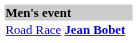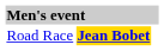 <table>
 <tr bgcolor="#cccccc">
 <td colspan=7><strong>Men's event</strong></td>
 </tr>
 <tr>
 <td><a href='#'>Road Race</a></td>
-<td><strong><a href='#'>Jean Bobet</a></strong><br><small></small></td>
+<td style="background: gold;"><strong><a href='#'>Jean Bobet</a></strong><br><small></small></td>
 <td></td>
 <td></td>
 </tr>
 </table>
